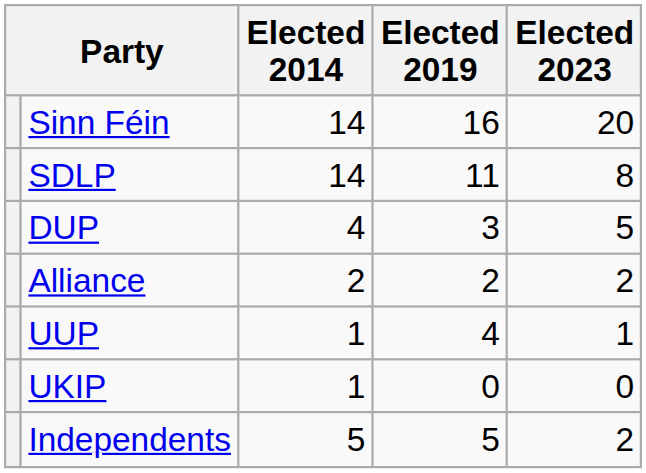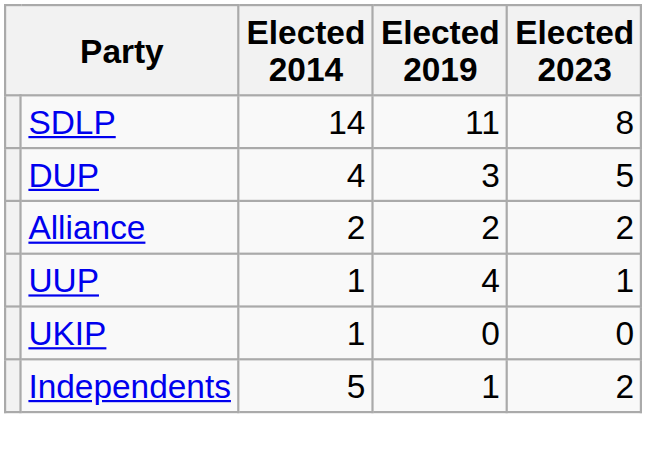 <table class="wikitable" style="font-size: 95%;">
 <tr>
 <th colspan=2>Party</th>
 <th>Elected <br>2014</th>
 <th>Elected <br>2019</th>
 <th>Elected <br>2023</th>
-</tr>
-<tr>
-<th style="background-color: "></th>
-<td><a href='#'>Sinn Féin</a></td>
-<td align="right">14</td>
-<td align="right">16</td>
-<td align="right">20</td>
 </tr>
 <tr>
 <th style="background-color: "></th>
 <td><a href='#'>SDLP</a></td>
 <td align="right">14</td>
 <td align="right">11</td>
 <td align="right">8</td>
 </tr>
 <tr>
 <th style="background-color: "></th>
 <td><a href='#'>DUP</a></td>
 <td align="right">4</td>
 <td align="right">3</td>
 <td align="right">5</td>
 </tr>
 <tr>
 <th style="background-color: "></th>
 <td><a href='#'>Alliance</a></td>
 <td align="right">2</td>
 <td align="right">2</td>
 <td align="right">2</td>
 </tr>
 <tr>
 <th style="background-color: "></th>
 <td><a href='#'>UUP</a></td>
 <td align="right">1</td>
 <td align="right">4</td>
 <td align="right">1</td>
 </tr>
 <tr>
 <th style="background-color: "></th>
 <td><a href='#'>UKIP</a></td>
 <td align="right">1</td>
 <td align="right">0</td>
 <td align="right">0</td>
 </tr>
 <tr>
 <th style="background-color: "></th>
 <td><a href='#'>Independents</a></td>
 <td align="right">5</td>
-<td align="right">5</td>
+<td align="right">1</td>
 <td align="right">2</td>
 </tr>
 </table>
